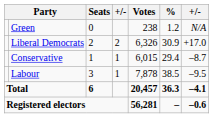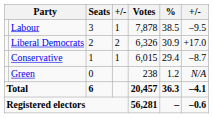 <table class="wikitable sortable">
 <tr>
 <th colspan="2">Party</th>
 <th>Seats</th>
 <th>+/-</th>
 <th>Votes</th>
 <th>%</th>
 <th>+/-</th>
 </tr>
 <tr>
 <td style="background-color: "></td>
-<td><a href='#'>Green</a></td>
-<td>0</td>
-<td></td>
-<td style="text-align:right;">238</td>
-<td style="text-align:right;">1.2</td>
-<td style="text-align:right;"><em>N/A</em></td>
+<td><a href='#'>Labour</a></td>
+<td>3</td>
+<td> 1</td>
+<td style="text-align:right;">7,878</td>
+<td style="text-align:right;">38.5</td>
+<td style="text-align:right;">–9.5</td>
 </tr>
 <tr>
 <td style="background-color: "></td>
 <td><a href='#'>Liberal Democrats</a></td>
 <td>2</td>
 <td> 2</td>
 <td style="text-align:right;">6,326</td>
 <td style="text-align:right;">30.9</td>
 <td style="text-align:right;">+17.0</td>
 </tr>
 <tr>
 <td style="background-color: "></td>
 <td><a href='#'>Conservative</a></td>
 <td>1</td>
 <td> 1</td>
 <td style="text-align:right;">6,015</td>
 <td style="text-align:right;">29.4</td>
 <td style="text-align:right;">–8.7</td>
 </tr>
 <tr>
 <td style="background-color: "></td>
-<td><a href='#'>Labour</a></td>
-<td>3</td>
-<td> 1</td>
-<td style="text-align:right;">7,878</td>
-<td style="text-align:right;">38.5</td>
-<td style="text-align:right;">–9.5</td>
+<td><a href='#'>Green</a></td>
+<td>0</td>
+<td></td>
+<td style="text-align:right;">238</td>
+<td style="text-align:right;">1.2</td>
+<td style="text-align:right;"><em>N/A</em></td>
 </tr>
 <tr>
 <td colspan="2"><strong>Total</strong></td>
 <td><strong>6</strong></td>
 <td></td>
 <td style="text-align:right;"><strong>20,457</strong></td>
 <td style="text-align:right;"><strong>36.3</strong></td>
 <td style="text-align:right;"><strong>–4.1</strong></td>
 </tr>
 <tr>
 <td colspan="4"><strong>Registered electors</strong></td>
 <td style="text-align:right;"><strong>56,281</strong></td>
 <td style="text-align:right;"><strong>–</strong></td>
 <td style="text-align:right;"><strong>–0.6</strong></td>
 </tr>
 </table>
